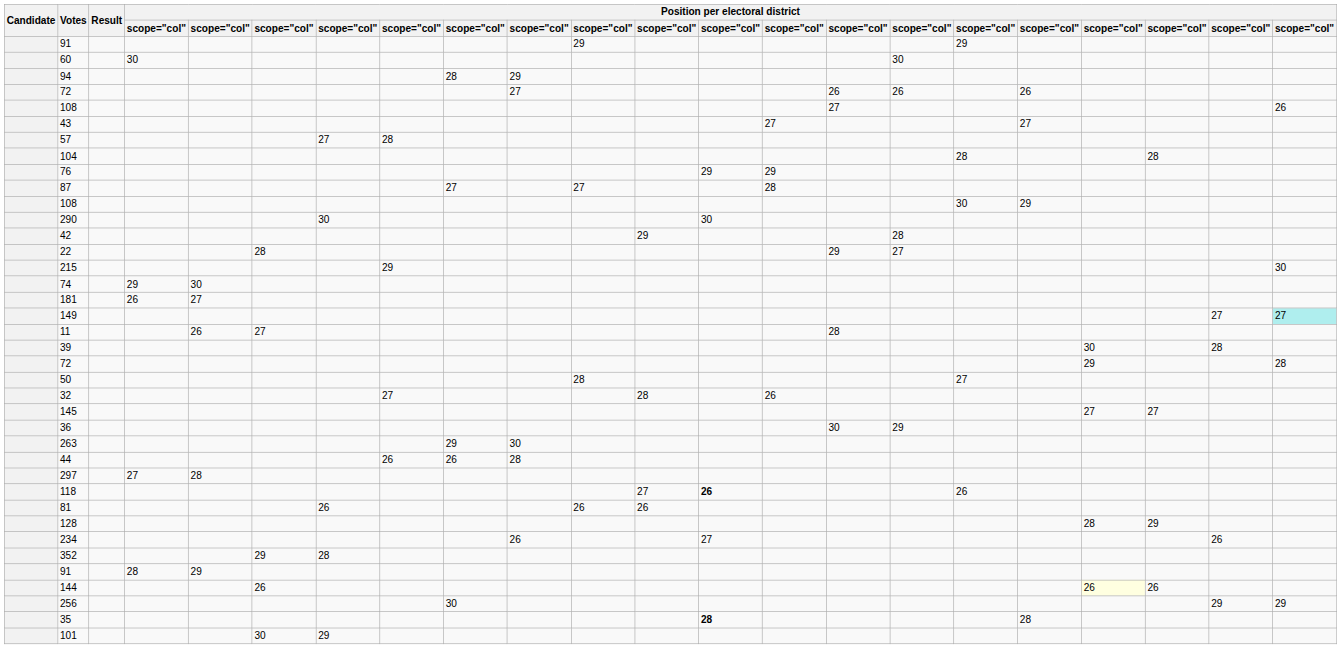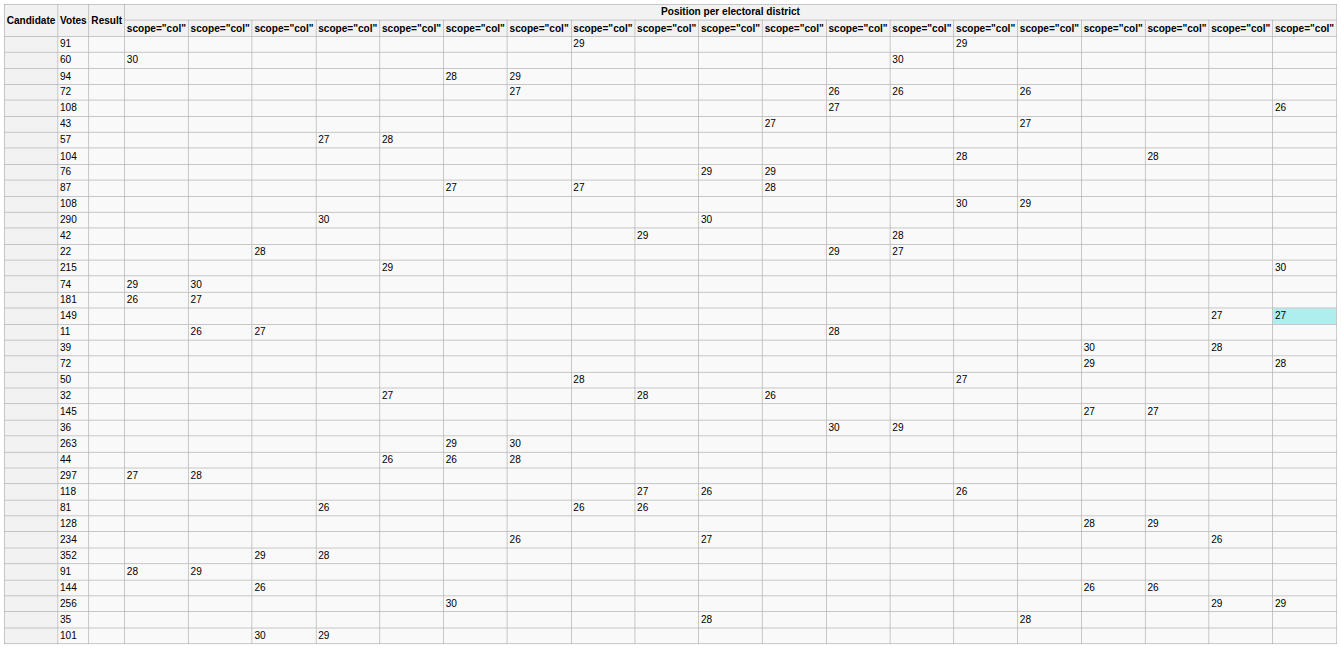 <table class="wikitable sortable defaultright col3left">
 <tr>
 <th scope="col" rowspan="2">Candidate</th>
 <th scope="col" rowspan="2">Votes</th>
 <th scope="col" rowspan="2">Result</th>
 <th scope="col" colspan="19">Position per electoral district</th>
 </tr>
 <tr>
 <th>scope="col" </th>
 <th>scope="col" </th>
 <th>scope="col" </th>
 <th>scope="col" </th>
 <th>scope="col" </th>
 <th>scope="col" </th>
 <th>scope="col" </th>
 <th>scope="col" </th>
 <th>scope="col" </th>
 <th>scope="col" </th>
 <th>scope="col" </th>
 <th>scope="col" </th>
 <th>scope="col" </th>
 <th>scope="col" </th>
 <th>scope="col" </th>
 <th>scope="col" </th>
 <th>scope="col" </th>
 <th>scope="col" </th>
 <th>scope="col" </th>
 </tr>
 <tr>
 <th scope="row"></th>
 <td>91</td>
 <td></td>
 <td></td>
 <td></td>
 <td></td>
 <td></td>
 <td></td>
 <td></td>
 <td></td>
 <td>29</td>
 <td></td>
 <td></td>
 <td></td>
 <td></td>
 <td></td>
 <td>29</td>
 <td></td>
 <td></td>
 <td></td>
 <td></td>
 <td></td>
 </tr>
 <tr>
 <th scope="row"></th>
 <td>60</td>
 <td></td>
 <td>30</td>
 <td></td>
 <td></td>
 <td></td>
 <td></td>
 <td></td>
 <td></td>
 <td></td>
 <td></td>
 <td></td>
 <td></td>
 <td></td>
 <td>30</td>
 <td></td>
 <td></td>
 <td></td>
 <td></td>
 <td></td>
 <td></td>
 </tr>
 <tr>
 <th scope="row"></th>
 <td>94</td>
 <td></td>
 <td></td>
 <td></td>
 <td></td>
 <td></td>
 <td></td>
 <td>28</td>
 <td>29</td>
 <td></td>
 <td></td>
 <td></td>
 <td></td>
 <td></td>
 <td></td>
 <td></td>
 <td></td>
 <td></td>
 <td></td>
 <td></td>
 <td></td>
 </tr>
 <tr>
 <th scope="row"></th>
 <td>72</td>
 <td></td>
 <td></td>
 <td></td>
 <td></td>
 <td></td>
 <td></td>
 <td></td>
 <td>27</td>
 <td></td>
 <td></td>
 <td></td>
 <td></td>
 <td>26</td>
 <td>26</td>
 <td></td>
 <td>26</td>
 <td></td>
 <td></td>
 <td></td>
 <td></td>
 </tr>
 <tr>
 <th scope="row"></th>
 <td>108</td>
 <td></td>
 <td></td>
 <td></td>
 <td></td>
 <td></td>
 <td></td>
 <td></td>
 <td></td>
 <td></td>
 <td></td>
 <td></td>
 <td></td>
 <td>27</td>
 <td></td>
 <td></td>
 <td></td>
 <td></td>
 <td></td>
 <td></td>
 <td>26</td>
 </tr>
 <tr>
 <th scope="row"></th>
 <td>43</td>
 <td></td>
 <td></td>
 <td></td>
 <td></td>
 <td></td>
 <td></td>
 <td></td>
 <td></td>
 <td></td>
 <td></td>
 <td></td>
 <td>27</td>
 <td></td>
 <td></td>
 <td></td>
 <td>27</td>
 <td></td>
 <td></td>
 <td></td>
 <td></td>
 </tr>
 <tr>
 <th scope="row"></th>
 <td>57</td>
 <td></td>
 <td></td>
 <td></td>
 <td></td>
 <td>27</td>
 <td>28</td>
 <td></td>
 <td></td>
 <td></td>
 <td></td>
 <td></td>
 <td></td>
 <td></td>
 <td></td>
 <td></td>
 <td></td>
 <td></td>
 <td></td>
 <td></td>
 <td></td>
 </tr>
 <tr>
 <th scope="row"></th>
 <td>104</td>
 <td></td>
 <td></td>
 <td></td>
 <td></td>
 <td></td>
 <td></td>
 <td></td>
 <td></td>
 <td></td>
 <td></td>
 <td></td>
 <td></td>
 <td></td>
 <td></td>
 <td>28</td>
 <td></td>
 <td></td>
 <td>28</td>
 <td></td>
 <td></td>
 </tr>
 <tr>
 <th scope="row"></th>
 <td>76</td>
 <td></td>
 <td></td>
 <td></td>
 <td></td>
 <td></td>
 <td></td>
 <td></td>
 <td></td>
 <td></td>
 <td></td>
 <td>29</td>
 <td>29</td>
 <td></td>
 <td></td>
 <td></td>
 <td></td>
 <td></td>
 <td></td>
 <td></td>
 <td></td>
 </tr>
 <tr>
 <th scope="row"></th>
 <td>87</td>
 <td></td>
 <td></td>
 <td></td>
 <td></td>
 <td></td>
 <td></td>
 <td>27</td>
 <td></td>
 <td>27</td>
 <td></td>
 <td></td>
 <td>28</td>
 <td></td>
 <td></td>
 <td></td>
 <td></td>
 <td></td>
 <td></td>
 <td></td>
 <td></td>
 </tr>
 <tr>
 <th scope="row"></th>
 <td>108</td>
 <td></td>
 <td></td>
 <td></td>
 <td></td>
 <td></td>
 <td></td>
 <td></td>
 <td></td>
 <td></td>
 <td></td>
 <td></td>
 <td></td>
 <td></td>
 <td></td>
 <td>30</td>
 <td>29</td>
 <td></td>
 <td></td>
 <td></td>
 <td></td>
 </tr>
 <tr>
 <th scope="row"></th>
 <td>290</td>
 <td></td>
 <td></td>
 <td></td>
 <td></td>
 <td>30</td>
 <td></td>
 <td></td>
 <td></td>
 <td></td>
 <td></td>
 <td>30</td>
 <td></td>
 <td></td>
 <td></td>
 <td></td>
 <td></td>
 <td></td>
 <td></td>
 <td></td>
 <td></td>
 </tr>
 <tr>
 <th scope="row"></th>
 <td>42</td>
 <td></td>
 <td></td>
 <td></td>
 <td></td>
 <td></td>
 <td></td>
 <td></td>
 <td></td>
 <td></td>
 <td>29</td>
 <td></td>
 <td></td>
 <td></td>
 <td>28</td>
 <td></td>
 <td></td>
 <td></td>
 <td></td>
 <td></td>
 <td></td>
 </tr>
 <tr>
 <th scope="row"></th>
 <td>22</td>
 <td></td>
 <td></td>
 <td></td>
 <td>28</td>
 <td></td>
 <td></td>
 <td></td>
 <td></td>
 <td></td>
 <td></td>
 <td></td>
 <td></td>
 <td>29</td>
 <td>27</td>
 <td></td>
 <td></td>
 <td></td>
 <td></td>
 <td></td>
 <td></td>
 </tr>
 <tr>
 <th scope="row"></th>
 <td>215</td>
 <td></td>
 <td></td>
 <td></td>
 <td></td>
 <td></td>
 <td>29</td>
 <td></td>
 <td></td>
 <td></td>
 <td></td>
 <td></td>
 <td></td>
 <td></td>
 <td></td>
 <td></td>
 <td></td>
 <td></td>
 <td></td>
 <td></td>
 <td>30</td>
 </tr>
 <tr>
 <th scope="row"></th>
 <td>74</td>
 <td></td>
 <td>29</td>
 <td>30</td>
 <td></td>
 <td></td>
 <td></td>
 <td></td>
 <td></td>
 <td></td>
 <td></td>
 <td></td>
 <td></td>
 <td></td>
 <td></td>
 <td></td>
 <td></td>
 <td></td>
 <td></td>
 <td></td>
 <td></td>
 </tr>
 <tr>
 <th scope="row"></th>
 <td>181</td>
 <td></td>
 <td>26</td>
 <td>27</td>
 <td></td>
 <td></td>
 <td></td>
 <td></td>
 <td></td>
 <td></td>
 <td></td>
 <td></td>
 <td></td>
 <td></td>
 <td></td>
 <td></td>
 <td></td>
 <td></td>
 <td></td>
 <td></td>
 <td></td>
 </tr>
 <tr>
 <th scope="row"></th>
 <td>149</td>
 <td></td>
 <td></td>
 <td></td>
 <td></td>
 <td></td>
 <td></td>
 <td></td>
 <td></td>
 <td></td>
 <td></td>
 <td></td>
 <td></td>
 <td></td>
 <td></td>
 <td></td>
 <td></td>
 <td></td>
 <td></td>
 <td>27</td>
 <td style="background: paleturquoise;">27</td>
 </tr>
 <tr>
 <th scope="row"></th>
 <td>11</td>
 <td></td>
 <td></td>
 <td>26</td>
 <td>27</td>
 <td></td>
 <td></td>
 <td></td>
 <td></td>
 <td></td>
 <td></td>
 <td></td>
 <td></td>
 <td>28</td>
 <td></td>
 <td></td>
 <td></td>
 <td></td>
 <td></td>
 <td></td>
 <td></td>
 </tr>
 <tr>
 <th scope="row"></th>
 <td>39</td>
 <td></td>
 <td></td>
 <td></td>
 <td></td>
 <td></td>
 <td></td>
 <td></td>
 <td></td>
 <td></td>
 <td></td>
 <td></td>
 <td></td>
 <td></td>
 <td></td>
 <td></td>
 <td></td>
 <td>30</td>
 <td></td>
 <td>28</td>
 <td></td>
 </tr>
 <tr>
 <th scope="row"></th>
 <td>72</td>
 <td></td>
 <td></td>
 <td></td>
 <td></td>
 <td></td>
 <td></td>
 <td></td>
 <td></td>
 <td></td>
 <td></td>
 <td></td>
 <td></td>
 <td></td>
 <td></td>
 <td></td>
 <td></td>
 <td>29</td>
 <td></td>
 <td></td>
 <td>28</td>
 </tr>
 <tr>
 <th scope="row"></th>
 <td>50</td>
 <td></td>
 <td></td>
 <td></td>
 <td></td>
 <td></td>
 <td></td>
 <td></td>
 <td></td>
 <td>28</td>
 <td></td>
 <td></td>
 <td></td>
 <td></td>
 <td></td>
 <td>27</td>
 <td></td>
 <td></td>
 <td></td>
 <td></td>
 <td></td>
 </tr>
 <tr>
 <th scope="row"></th>
 <td>32</td>
 <td></td>
 <td></td>
 <td></td>
 <td></td>
 <td></td>
 <td>27</td>
 <td></td>
 <td></td>
 <td></td>
 <td>28</td>
 <td></td>
 <td>26</td>
 <td></td>
 <td></td>
 <td></td>
 <td></td>
 <td></td>
 <td></td>
 <td></td>
 <td></td>
 </tr>
 <tr>
 <th scope="row"></th>
 <td>145</td>
 <td></td>
 <td></td>
 <td></td>
 <td></td>
 <td></td>
 <td></td>
 <td></td>
 <td></td>
 <td></td>
 <td></td>
 <td></td>
 <td></td>
 <td></td>
 <td></td>
 <td></td>
 <td></td>
 <td>27</td>
 <td>27</td>
 <td></td>
 <td></td>
 </tr>
 <tr>
 <th scope="row"></th>
 <td>36</td>
 <td></td>
 <td></td>
 <td></td>
 <td></td>
 <td></td>
 <td></td>
 <td></td>
 <td></td>
 <td></td>
 <td></td>
 <td></td>
 <td></td>
 <td>30</td>
 <td>29</td>
 <td></td>
 <td></td>
 <td></td>
 <td></td>
 <td></td>
 <td></td>
 </tr>
 <tr>
 <th scope="row"></th>
 <td>263</td>
 <td></td>
 <td></td>
 <td></td>
 <td></td>
 <td></td>
 <td></td>
 <td>29</td>
 <td>30</td>
 <td></td>
 <td></td>
 <td></td>
 <td></td>
 <td></td>
 <td></td>
 <td></td>
 <td></td>
 <td></td>
 <td></td>
 <td></td>
 <td></td>
 </tr>
 <tr>
 <th scope="row"></th>
 <td>44</td>
 <td></td>
 <td></td>
 <td></td>
 <td></td>
 <td></td>
 <td>26</td>
 <td>26</td>
 <td>28</td>
 <td></td>
 <td></td>
 <td></td>
 <td></td>
 <td></td>
 <td></td>
 <td></td>
 <td></td>
 <td></td>
 <td></td>
 <td></td>
 <td></td>
 </tr>
 <tr>
 <th scope="row"></th>
 <td>297</td>
 <td></td>
 <td>27</td>
 <td>28</td>
 <td></td>
 <td></td>
 <td></td>
 <td></td>
 <td></td>
 <td></td>
 <td></td>
 <td></td>
 <td></td>
 <td></td>
 <td></td>
 <td></td>
 <td></td>
 <td></td>
 <td></td>
 <td></td>
 <td></td>
 </tr>
 <tr>
 <th scope="row"></th>
 <td>118</td>
 <td></td>
 <td></td>
 <td></td>
 <td></td>
 <td></td>
 <td></td>
 <td></td>
 <td></td>
 <td></td>
 <td>27</td>
-<td><strong>26</strong></td>
+<td>26</td>
 <td></td>
 <td></td>
 <td></td>
 <td>26</td>
 <td></td>
 <td></td>
 <td></td>
 <td></td>
 <td></td>
 </tr>
 <tr>
 <th scope="row"></th>
 <td>81</td>
 <td></td>
 <td></td>
 <td></td>
 <td></td>
 <td>26</td>
 <td></td>
 <td></td>
 <td></td>
 <td>26</td>
 <td>26</td>
 <td></td>
 <td></td>
 <td></td>
 <td></td>
 <td></td>
 <td></td>
 <td></td>
 <td></td>
 <td></td>
 <td></td>
 </tr>
 <tr>
 <th scope="row"></th>
 <td>128</td>
 <td></td>
 <td></td>
 <td></td>
 <td></td>
 <td></td>
 <td></td>
 <td></td>
 <td></td>
 <td></td>
 <td></td>
 <td></td>
 <td></td>
 <td></td>
 <td></td>
 <td></td>
 <td></td>
 <td>28</td>
 <td>29</td>
 <td></td>
 <td></td>
 </tr>
 <tr>
 <th scope="row"></th>
 <td>234</td>
 <td></td>
 <td></td>
 <td></td>
 <td></td>
 <td></td>
 <td></td>
 <td></td>
 <td>26</td>
 <td></td>
 <td></td>
 <td>27</td>
 <td></td>
 <td></td>
 <td></td>
 <td></td>
 <td></td>
 <td></td>
 <td></td>
 <td>26</td>
 <td></td>
 </tr>
 <tr>
 <th scope="row"></th>
 <td>352</td>
 <td></td>
 <td></td>
 <td></td>
 <td>29</td>
 <td>28</td>
 <td></td>
 <td></td>
 <td></td>
 <td></td>
 <td></td>
 <td></td>
 <td></td>
 <td></td>
 <td></td>
 <td></td>
 <td></td>
 <td></td>
 <td></td>
 <td></td>
 <td></td>
 </tr>
 <tr>
 <th scope="row"></th>
 <td>91</td>
 <td></td>
 <td>28</td>
 <td>29</td>
 <td></td>
 <td></td>
 <td></td>
 <td></td>
 <td></td>
 <td></td>
 <td></td>
 <td></td>
 <td></td>
 <td></td>
 <td></td>
 <td></td>
 <td></td>
 <td></td>
 <td></td>
 <td></td>
 <td></td>
 </tr>
 <tr>
 <th scope="row"></th>
 <td>144</td>
 <td></td>
 <td></td>
 <td></td>
 <td>26</td>
 <td></td>
 <td></td>
 <td></td>
 <td></td>
 <td></td>
 <td></td>
 <td></td>
 <td></td>
 <td></td>
 <td></td>
 <td></td>
 <td></td>
-<td style="background: lightyellow;">26</td>
+<td>26</td>
 <td>26</td>
 <td></td>
 <td></td>
 </tr>
 <tr>
 <th scope="row"></th>
 <td>256</td>
 <td></td>
 <td></td>
 <td></td>
 <td></td>
 <td></td>
 <td></td>
 <td>30</td>
 <td></td>
 <td></td>
 <td></td>
 <td></td>
 <td></td>
 <td></td>
 <td></td>
 <td></td>
 <td></td>
 <td></td>
 <td></td>
 <td>29</td>
 <td>29</td>
 </tr>
 <tr>
 <th scope="row"></th>
 <td>35</td>
 <td></td>
 <td></td>
 <td></td>
 <td></td>
 <td></td>
 <td></td>
 <td></td>
 <td></td>
 <td></td>
 <td></td>
-<td><strong>28</strong></td>
+<td>28</td>
 <td></td>
 <td></td>
 <td></td>
 <td></td>
 <td>28</td>
 <td></td>
 <td></td>
 <td></td>
 <td></td>
 </tr>
 <tr>
 <th scope="row"></th>
 <td>101</td>
 <td></td>
 <td></td>
 <td></td>
 <td>30</td>
 <td>29</td>
 <td></td>
 <td></td>
 <td></td>
 <td></td>
 <td></td>
 <td></td>
 <td></td>
 <td></td>
 <td></td>
 <td></td>
 <td></td>
 <td></td>
 <td></td>
 <td></td>
 <td></td>
 </tr>
 </table>
